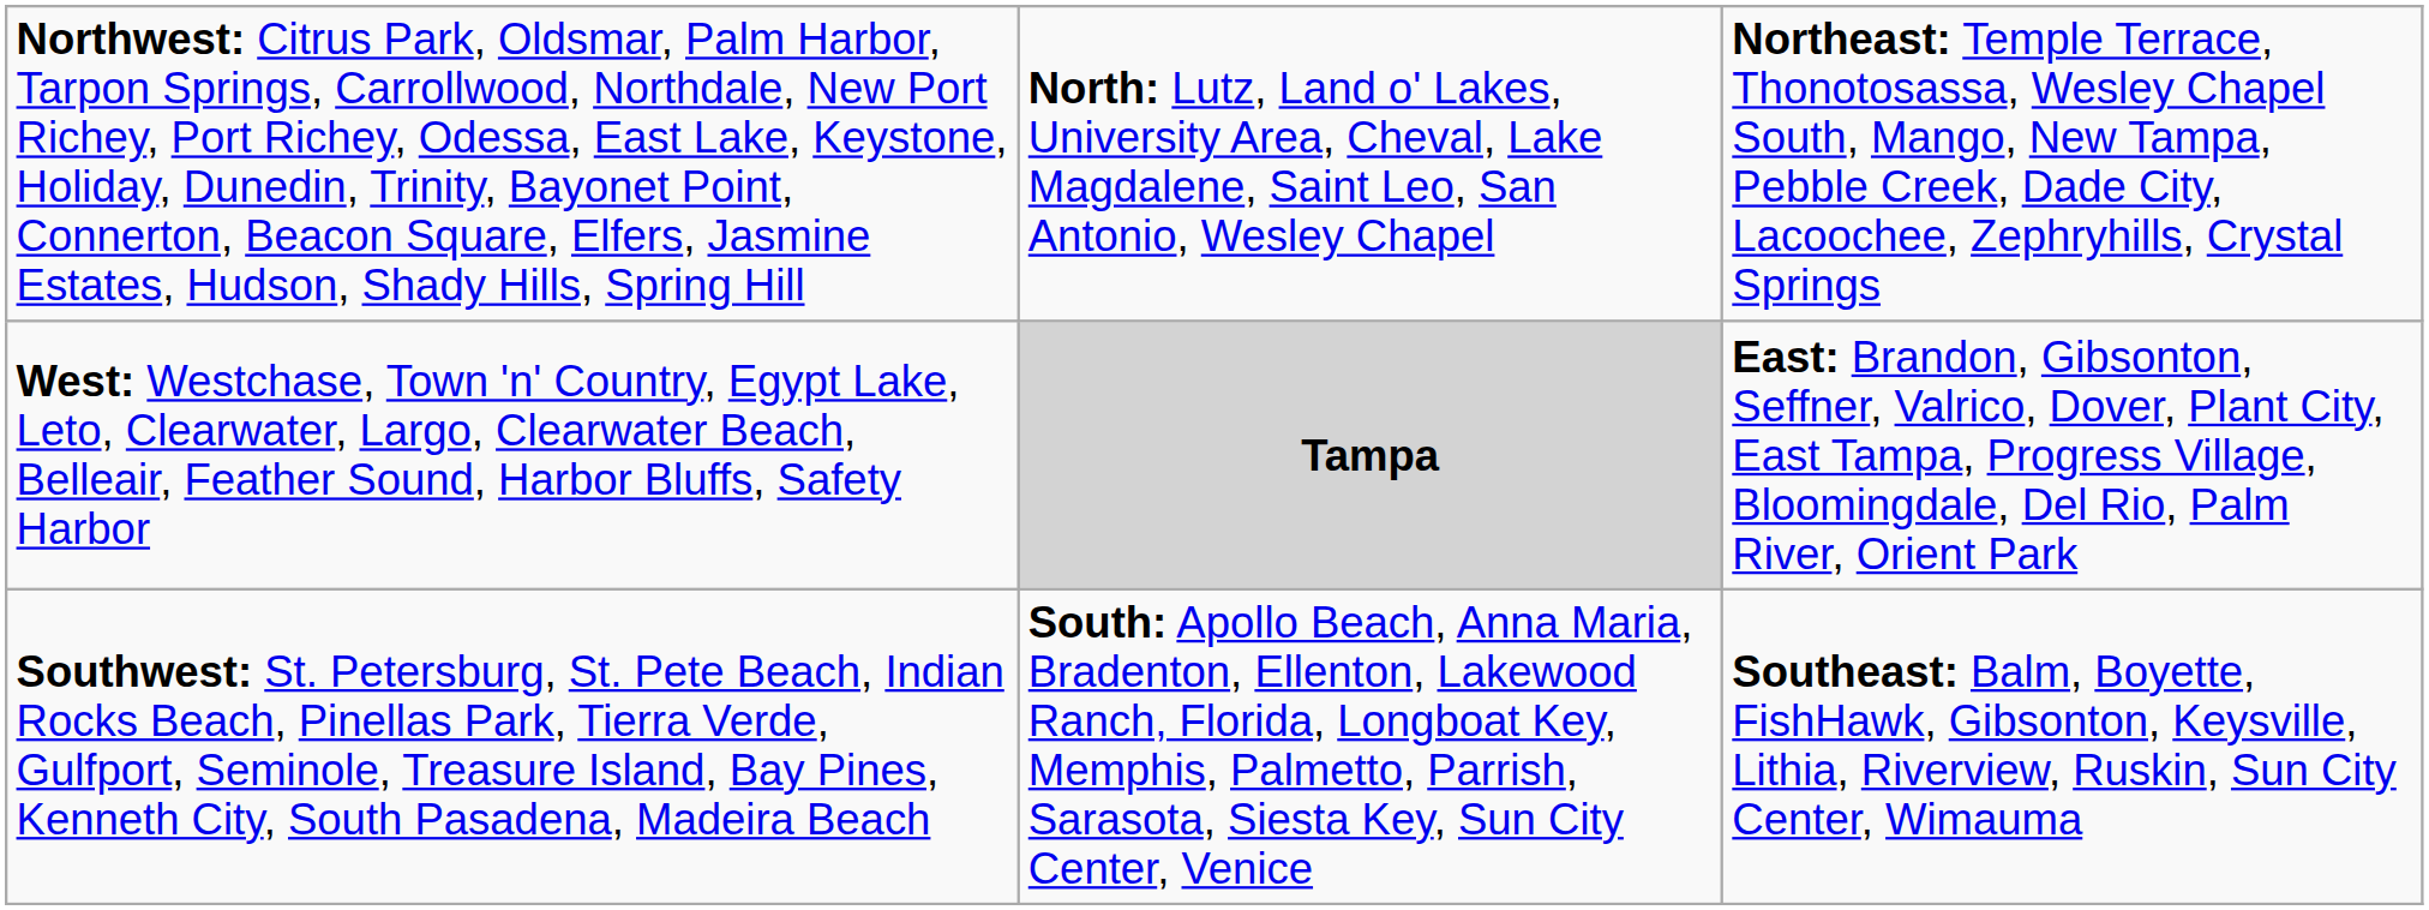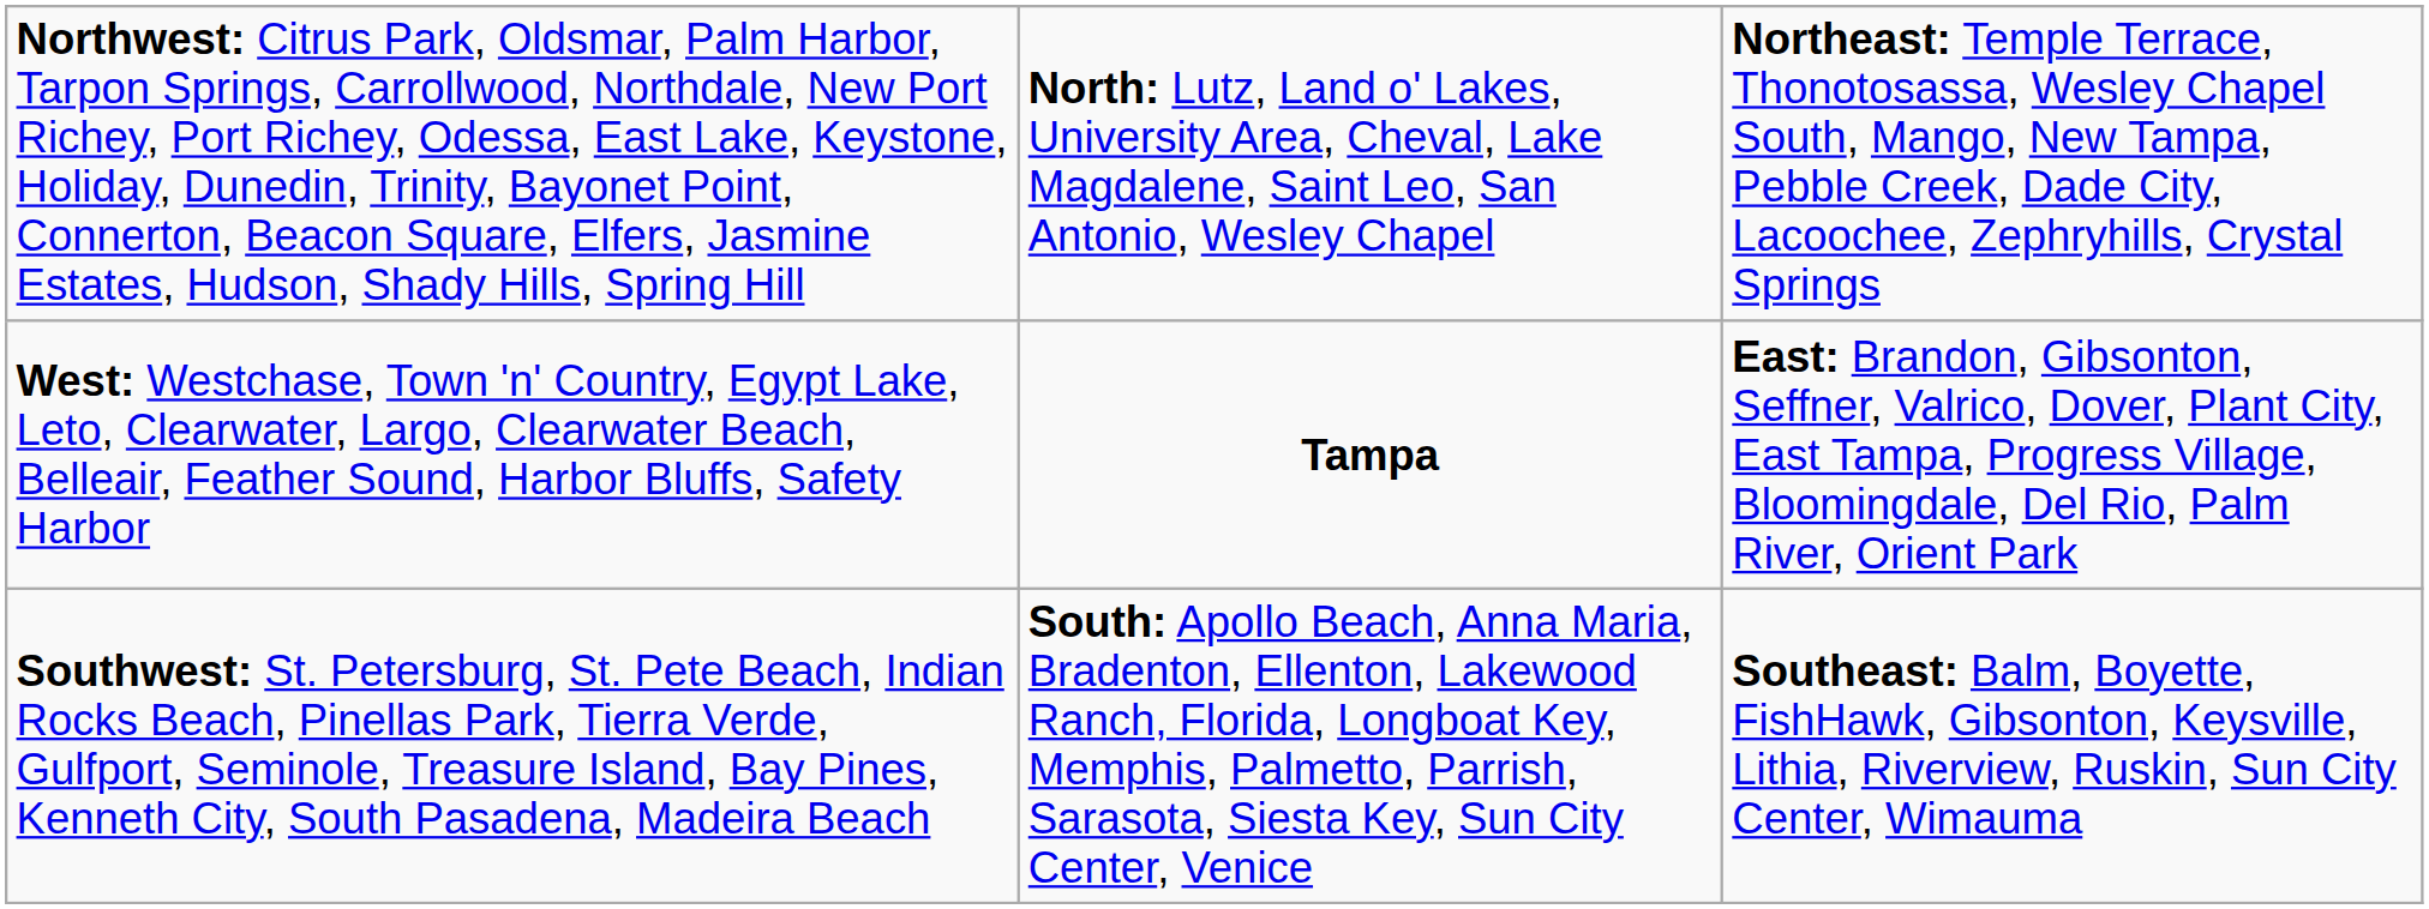 <table class="wikitable" style="margin:auto;">
 <tr>
 <td><strong>Northwest:</strong> <a href='#'>Citrus Park</a>, <a href='#'>Oldsmar</a>, <a href='#'>Palm Harbor</a>, <a href='#'>Tarpon Springs</a>, <a href='#'>Carrollwood</a>, <a href='#'>Northdale</a>, <a href='#'>New Port Richey</a>, <a href='#'>Port Richey</a>, <a href='#'>Odessa</a>, <a href='#'>East Lake</a>, <a href='#'>Keystone</a>, <a href='#'>Holiday</a>, <a href='#'>Dunedin</a>, <a href='#'>Trinity</a>, <a href='#'>Bayonet Point</a>, <a href='#'>Connerton</a>, <a href='#'>Beacon Square</a>, <a href='#'>Elfers</a>, <a href='#'>Jasmine Estates</a>, <a href='#'>Hudson</a>, <a href='#'>Shady Hills</a>, <a href='#'>Spring Hill</a></td>
 <td><strong>North:</strong> <a href='#'>Lutz</a>, <a href='#'>Land o' Lakes</a>, <a href='#'>University Area</a>, <a href='#'>Cheval</a>, <a href='#'>Lake Magdalene</a>, <a href='#'>Saint Leo</a>, <a href='#'>San Antonio</a>, <a href='#'>Wesley Chapel</a></td>
 <td><strong>Northeast:</strong> <a href='#'>Temple Terrace</a>, <a href='#'>Thonotosassa</a>, <a href='#'>Wesley Chapel South</a>, <a href='#'>Mango</a>, <a href='#'>New Tampa</a>, <a href='#'>Pebble Creek</a>, <a href='#'>Dade City</a>, <a href='#'>Lacoochee</a>, <a href='#'>Zephryhills</a>, <a href='#'>Crystal Springs</a></td>
 </tr>
 <tr>
 <td><strong>West:</strong> <a href='#'>Westchase</a>, <a href='#'>Town 'n' Country</a>, <a href='#'>Egypt Lake</a>, <a href='#'>Leto</a>, <a href='#'>Clearwater</a>, <a href='#'>Largo</a>, <a href='#'>Clearwater Beach</a>, <a href='#'>Belleair</a>, <a href='#'>Feather Sound</a>, <a href='#'>Harbor Bluffs</a>, <a href='#'>Safety Harbor</a></td>
-<td style="background: lightgrey; text-align:center;"><strong>Tampa</strong></td>
+<td style="text-align:center;"><strong>Tampa</strong></td>
 <td><strong>East:</strong> <a href='#'>Brandon</a>, <a href='#'>Gibsonton</a>, <a href='#'>Seffner</a>, <a href='#'>Valrico</a>, <a href='#'>Dover</a>, <a href='#'>Plant City</a>, <a href='#'>East Tampa</a>, <a href='#'>Progress Village</a>, <a href='#'>Bloomingdale</a>, <a href='#'>Del Rio</a>, <a href='#'>Palm River</a>, <a href='#'>Orient Park</a></td>
 </tr>
 <tr>
 <td><strong>Southwest:</strong> <a href='#'>St. Petersburg</a>, <a href='#'>St. Pete Beach</a>, <a href='#'>Indian Rocks Beach</a>, <a href='#'>Pinellas Park</a>, <a href='#'>Tierra Verde</a>, <a href='#'>Gulfport</a>, <a href='#'>Seminole</a>, <a href='#'>Treasure Island</a>, <a href='#'>Bay Pines</a>, <a href='#'>Kenneth City</a>, <a href='#'>South Pasadena</a>, <a href='#'>Madeira Beach</a></td>
 <td><strong>South:</strong> <a href='#'>Apollo Beach</a>, <a href='#'>Anna Maria</a>, <a href='#'>Bradenton</a>, <a href='#'>Ellenton</a>, <a href='#'>Lakewood Ranch, Florida</a>, <a href='#'>Longboat Key</a>, <a href='#'>Memphis</a>, <a href='#'>Palmetto</a>, <a href='#'>Parrish</a>, <a href='#'>Sarasota</a>, <a href='#'>Siesta Key</a>, <a href='#'>Sun City Center</a>, <a href='#'>Venice</a></td>
 <td><strong>Southeast:</strong> <a href='#'>Balm</a>, <a href='#'>Boyette</a>, <a href='#'>FishHawk</a>, <a href='#'>Gibsonton</a>, <a href='#'>Keysville</a>, <a href='#'>Lithia</a>, <a href='#'>Riverview</a>, <a href='#'>Ruskin</a>, <a href='#'>Sun City Center</a>, <a href='#'>Wimauma</a></td>
 </tr>
 </table>
